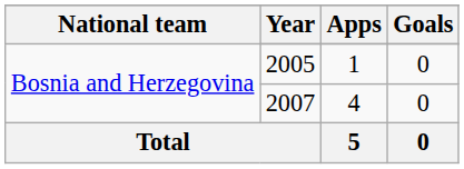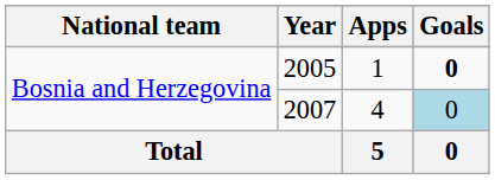 <table class="wikitable" style="text-align: center;">
 <tr>
 </tr>
 <tr>
 <th>National team</th>
 <th>Year</th>
 <th>Apps</th>
 <th>Goals</th>
 </tr>
 <tr>
 <td rowspan=3><a href='#'>Bosnia and Herzegovina</a></td>
 </tr>
 <tr>
 <td>2005</td>
 <td>1</td>
-<td>0</td>
+<td><strong>0</strong></td>
 </tr>
 <tr>
 <td>2007</td>
 <td>4</td>
-<td>0</td>
+<td style="background: lightblue;">0</td>
 </tr>
 <tr>
 <th colspan=2>Total</th>
 <th>5</th>
 <th>0</th>
 </tr>
 </table>
